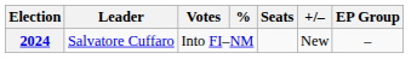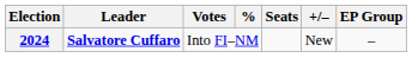 <table class="wikitable" style="text-align:center">
 <tr>
 <th>Election</th>
 <th>Leader</th>
 <th>Votes</th>
 <th>%</th>
 <th>Seats</th>
 <th>+/–</th>
 <th>EP Group</th>
 </tr>
 <tr>
 <th><a href='#'>2024</a></th>
-<td><a href='#'>Salvatore Cuffaro</a></td>
+<td><strong><a href='#'>Salvatore Cuffaro</a></strong></td>
 <td colspan="2">Into <a href='#'>FI</a>–<a href='#'>NM</a></td>
 <td></td>
 <td>New</td>
 <td>–</td>
 </tr>
 </table>
